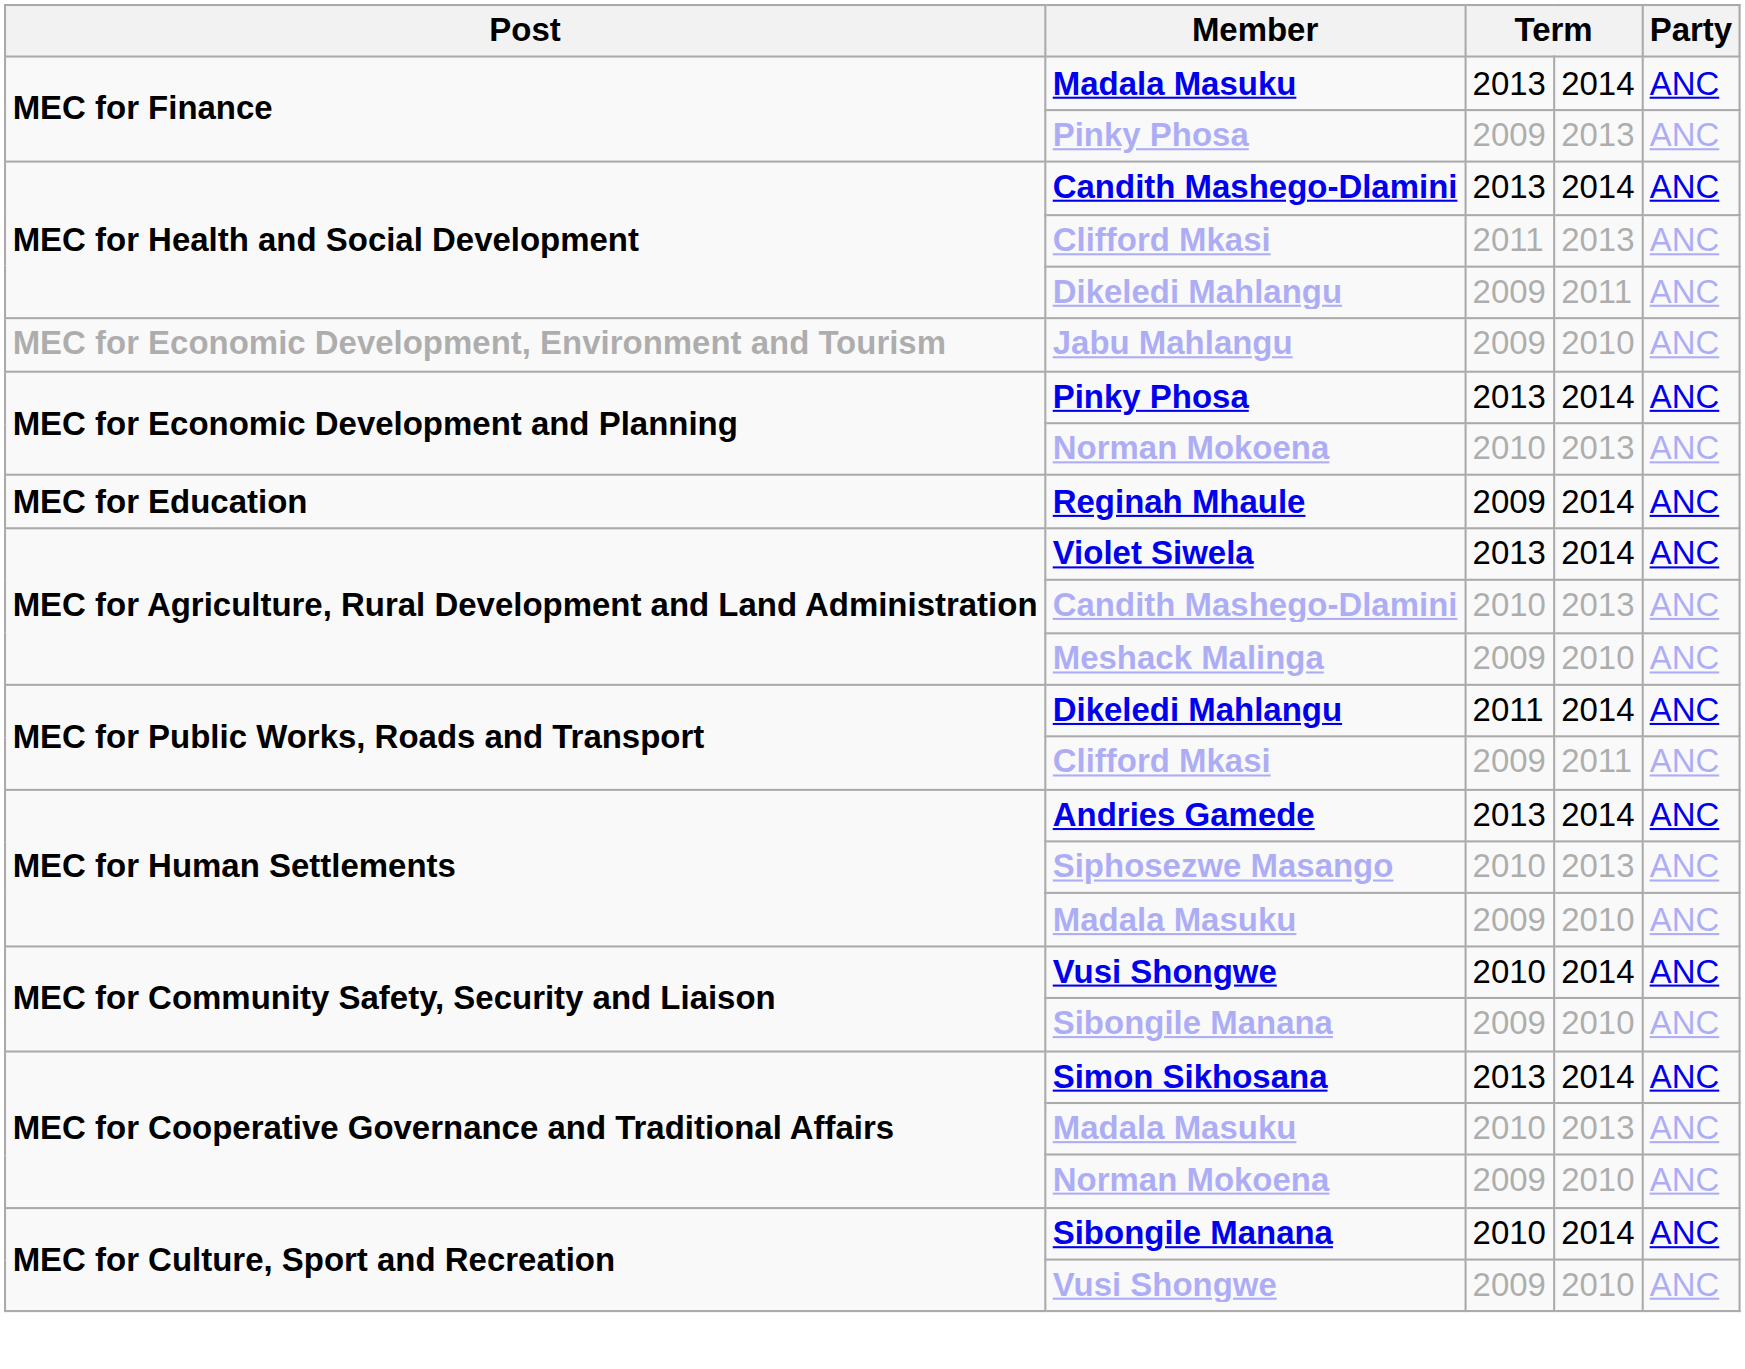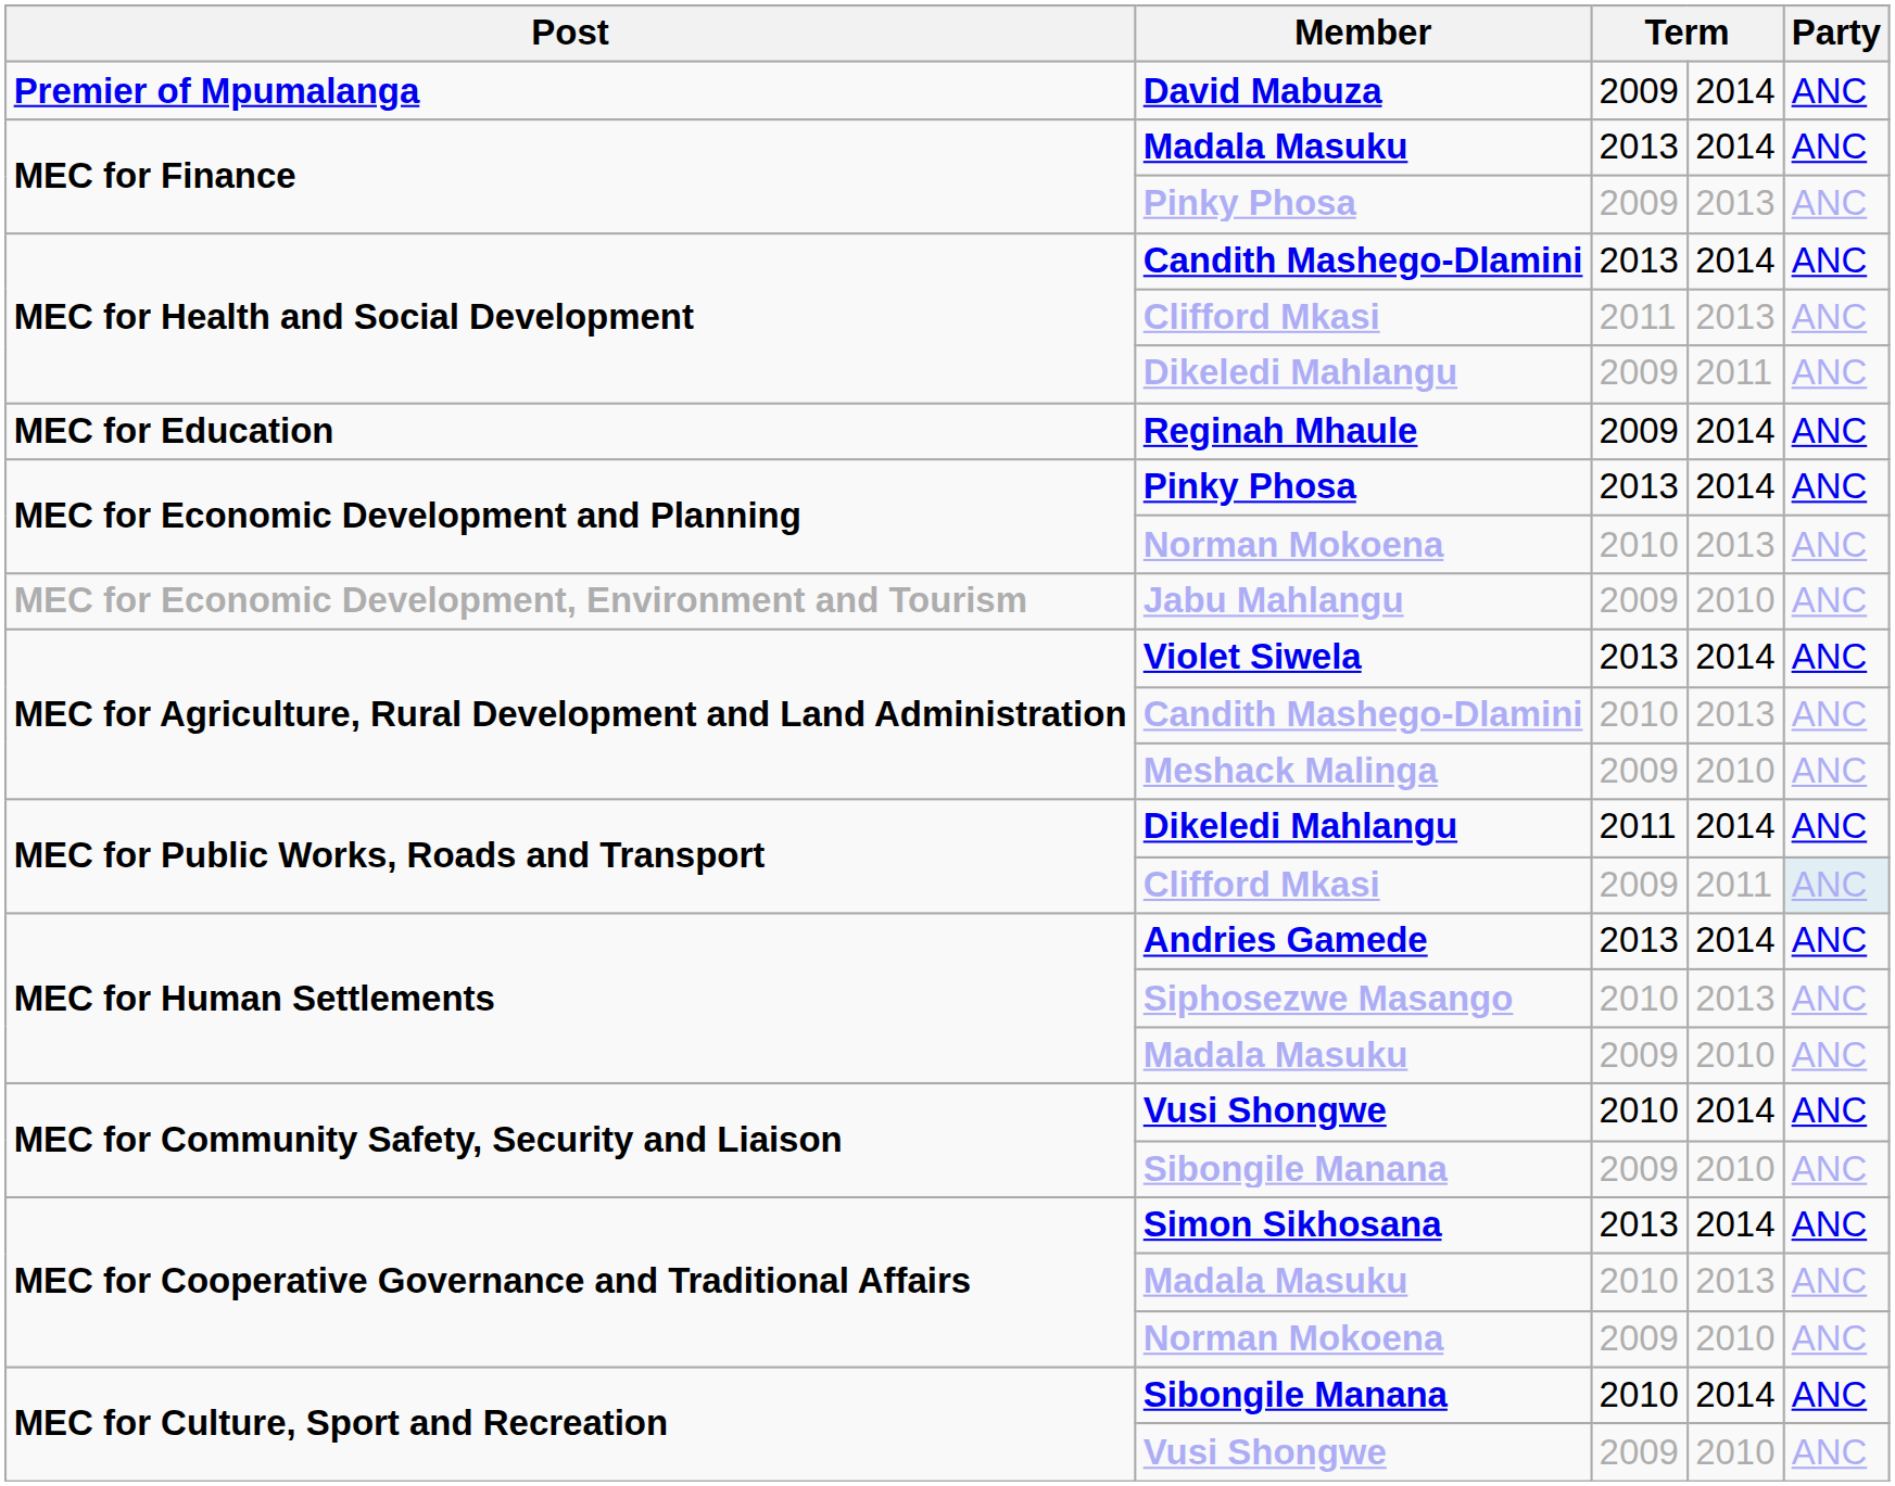 <table class="wikitable">
 <tr>
 <th>Post</th>
 <th>Member</th>
 <th colspan="2">Term</th>
 <th>Party</th>
+</tr>
+<tr>
+<td><strong><a href='#'>Premier of Mpumalanga</a></strong></td>
+<td><strong><a href='#'>David Mabuza</a></strong></td>
+<td>2009</td>
+<td>2014</td>
+<td><a href='#'>ANC</a></td>
 </tr>
 <tr>
 <td rowspan="2"><strong>MEC for Finance</strong></td>
 <td><strong><a href='#'>Madala Masuku</a></strong></td>
 <td>2013</td>
 <td>2014</td>
 <td><a href='#'>ANC</a></td>
 </tr>
 <tr style="opacity:.3;">
 <td><strong><a href='#'>Pinky Phosa</a></strong></td>
 <td>2009</td>
 <td>2013</td>
 <td><a href='#'>ANC</a></td>
 </tr>
 <tr>
 <td rowspan="3"><strong>MEC for Health and Social Development</strong></td>
 <td><strong><a href='#'>Candith Mashego-Dlamini</a></strong></td>
 <td>2013</td>
 <td>2014</td>
 <td><a href='#'>ANC</a></td>
 </tr>
 <tr style="opacity:.3;">
 <td><strong><a href='#'>Clifford Mkasi</a></strong></td>
 <td>2011</td>
 <td>2013</td>
 <td><a href='#'>ANC</a></td>
 </tr>
 <tr style="opacity:.3;">
 <td><strong><a href='#'>Dikeledi Mahlangu</a></strong></td>
 <td>2009</td>
 <td>2011</td>
 <td><a href='#'>ANC</a></td>
 </tr>
-<tr style="opacity:.3;">
-<td><strong>MEC for Economic Development, Environment and Tourism</strong></td>
-<td><a href='#'><strong>Jabu Mahlangu</strong></a></td>
+<tr>
+<td><strong>MEC for Education</strong></td>
+<td><strong><a href='#'>Reginah Mhaule</a></strong></td>
 <td>2009</td>
-<td>2010</td>
+<td>2014</td>
 <td><a href='#'>ANC</a></td>
 </tr>
 <tr>
 <td rowspan="2"><strong>MEC for Economic Development and Planning</strong></td>
 <td><strong><a href='#'>Pinky Phosa</a></strong></td>
 <td>2013</td>
 <td>2014</td>
 <td><a href='#'>ANC</a></td>
 </tr>
 <tr style="opacity:.3;">
 <td><strong><a href='#'>Norman Mokoena</a></strong></td>
 <td>2010</td>
 <td>2013</td>
 <td><a href='#'>ANC</a></td>
 </tr>
-<tr>
-<td><strong>MEC for Education</strong></td>
-<td><strong><a href='#'>Reginah Mhaule</a></strong></td>
+<tr style="opacity:.3;">
+<td><strong>MEC for Economic Development, Environment and Tourism</strong></td>
+<td><a href='#'><strong>Jabu Mahlangu</strong></a></td>
 <td>2009</td>
-<td>2014</td>
+<td>2010</td>
 <td><a href='#'>ANC</a></td>
 </tr>
 <tr>
 <td rowspan="3"><strong>MEC for Agriculture, Rural Development and Land Administration</strong></td>
 <td><strong><a href='#'>Violet Siwela</a></strong></td>
 <td>2013</td>
 <td>2014</td>
 <td><a href='#'>ANC</a></td>
 </tr>
 <tr style="opacity:.3;">
 <td><strong><a href='#'>Candith Mashego-Dlamini</a></strong></td>
 <td>2010</td>
 <td>2013</td>
 <td><a href='#'>ANC</a></td>
 </tr>
 <tr style="opacity:.3;">
 <td><strong><a href='#'>Meshack Malinga</a></strong></td>
 <td>2009</td>
 <td>2010</td>
 <td><a href='#'>ANC</a></td>
 </tr>
 <tr>
 <td rowspan="2"><strong>MEC for Public Works, Roads and Transport</strong></td>
 <td><strong><a href='#'>Dikeledi Mahlangu</a></strong></td>
 <td>2011</td>
 <td>2014</td>
 <td><a href='#'>ANC</a></td>
 </tr>
 <tr style="opacity:.3;">
 <td><strong><a href='#'>Clifford Mkasi</a></strong></td>
 <td>2009</td>
 <td>2011</td>
-<td><a href='#'>ANC</a></td>
+<td style="background: lightblue;"><a href='#'>ANC</a></td>
 </tr>
 <tr>
 <td rowspan="3"><strong>MEC for Human Settlements</strong></td>
 <td><strong><a href='#'>Andries Gamede</a></strong></td>
 <td>2013</td>
 <td>2014</td>
 <td><a href='#'>ANC</a></td>
 </tr>
 <tr style="opacity:.3;">
 <td><strong><a href='#'>Siphosezwe Masango</a></strong></td>
 <td>2010</td>
 <td>2013</td>
 <td><a href='#'>ANC</a></td>
 </tr>
 <tr style="opacity:.3;">
 <td><strong><a href='#'>Madala Masuku</a></strong></td>
 <td>2009</td>
 <td>2010</td>
 <td><a href='#'>ANC</a></td>
 </tr>
 <tr>
 <td rowspan="2"><strong>MEC for Community Safety, Security and Liaison</strong></td>
 <td><strong><a href='#'>Vusi Shongwe</a></strong></td>
 <td>2010</td>
 <td>2014</td>
 <td><a href='#'>ANC</a></td>
 </tr>
 <tr style="opacity:.3;">
 <td><strong><a href='#'>Sibongile Manana</a></strong></td>
 <td>2009</td>
 <td>2010</td>
 <td><a href='#'>ANC</a></td>
 </tr>
 <tr>
 <td rowspan="3"><strong>MEC for Cooperative Governance and Traditional Affairs</strong></td>
 <td><strong><a href='#'>Simon Sikhosana</a></strong></td>
 <td>2013</td>
 <td>2014</td>
 <td><a href='#'>ANC</a></td>
 </tr>
 <tr style="opacity:.3;">
 <td><strong><a href='#'>Madala Masuku</a></strong></td>
 <td>2010</td>
 <td>2013</td>
 <td><a href='#'>ANC</a></td>
 </tr>
 <tr style="opacity:.3;">
 <td><strong><a href='#'>Norman Mokoena</a></strong></td>
 <td>2009</td>
 <td>2010</td>
 <td><a href='#'>ANC</a></td>
 </tr>
 <tr>
 <td rowspan="2"><strong>MEC for Culture, Sport and Recreation</strong></td>
 <td><strong><a href='#'>Sibongile Manana</a></strong></td>
 <td>2010</td>
 <td>2014</td>
 <td><a href='#'>ANC</a></td>
 </tr>
 <tr style="opacity:.3;">
 <td><strong><a href='#'>Vusi Shongwe</a></strong></td>
 <td>2009</td>
 <td>2010</td>
 <td><a href='#'>ANC</a></td>
 </tr>
 </table>
